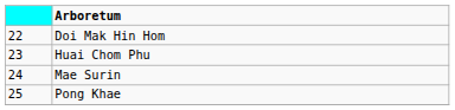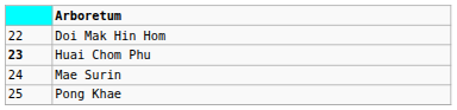 <table class= "wikitable" style= "width:30%; display:inline-table;">
 <tr>
 <td style="width:3%; background:#00FFFF;"> </td>
 <td style="width:30%;"><strong>Arboretum</strong></td>
 </tr>
 <tr>
 <td>22</td>
 <td>Doi Mak Hin Hom</td>
 </tr>
 <tr>
-<td>23</td>
+<td><strong>23</strong></td>
 <td>Huai Chom Phu</td>
 </tr>
 <tr>
 <td>24</td>
 <td>Mae Surin</td>
 </tr>
 <tr>
 <td>25</td>
 <td>Pong Khae</td>
 </tr>
 <tr>
 </tr>
 </table>
